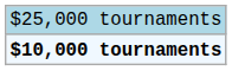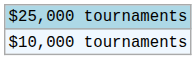 <table class="wikitable" style="font-size:85%">
 <tr bgcolor="lightblue">
 <td>$25,000 tournaments</td>
 </tr>
 <tr bgcolor="#f0f8ff">
-<td><strong>$10,000 tournaments</strong></td>
+<td>$10,000 tournaments</td>
 </tr>
 </table>
